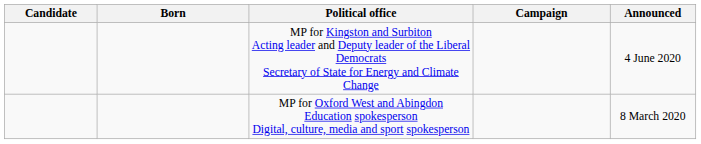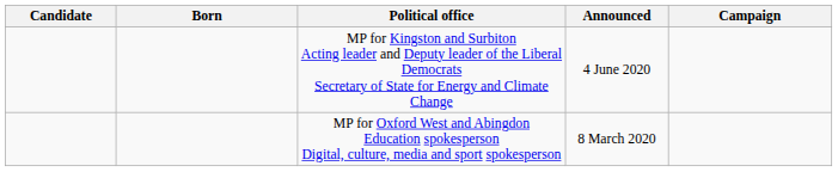 <table class="wikitable sortable" style="text-align:center">
 <tr>
 <th scope="col" style="width: 120px;">Candidate</th>
 <th scope="col" style="width: 200px;">Born</th>
 <th scope="col" style="width: 300px;">Political office</th>
+<th scope="col" style="width: 110px;">Announced</th>
 <th scope="col" style="width: 180px;">Campaign</th>
-<th scope="col" style="width: 110px;">Announced</th>
 </tr>
 <tr>
 <td><br><strong></strong></td>
 <td></td>
 <td>MP for <a href='#'>Kingston and Surbiton</a> <br><a href='#'>Acting leader</a> and <a href='#'>Deputy leader of the Liberal Democrats</a> <br><a href='#'>Secretary of State for Energy and Climate Change</a> </td>
+<td>4 June 2020</td>
 <td><br> </td>
-<td>4 June 2020</td>
 </tr>
 <tr>
 <td><br><strong></strong></td>
 <td></td>
 <td>MP for <a href='#'>Oxford West and Abingdon</a> <br><a href='#'>Education</a> <a href='#'>spokesperson</a> <br><a href='#'>Digital, culture, media and sport</a> <a href='#'>spokesperson</a> </td>
+<td>8 March 2020</td>
 <td><br> </td>
-<td>8 March 2020</td>
 </tr>
 </table>
